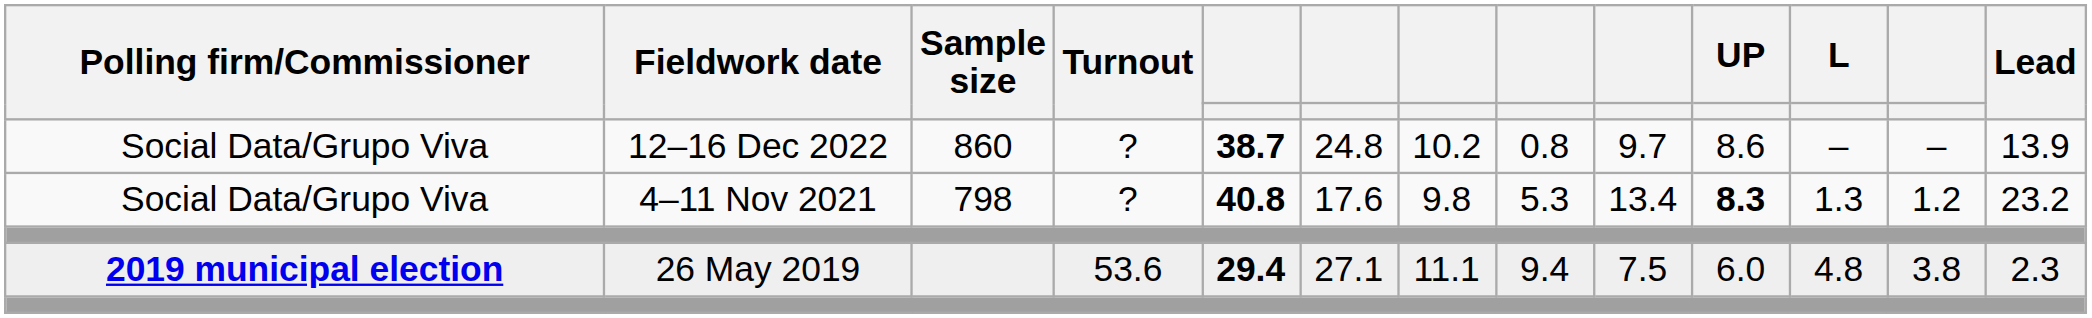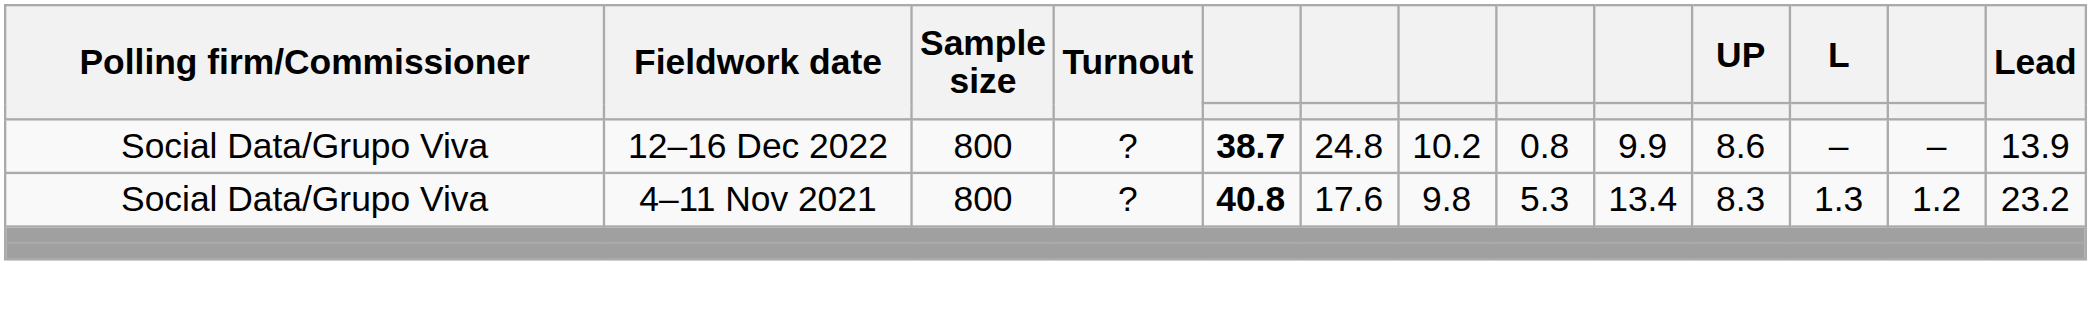 <table class="wikitable collapsible collapsed" style="text-align:center; font-size:95%; line-height:16px;">
 <tr style="height:42px;">
 <th style="width:250px;" rowspan="2">Polling firm/Commissioner</th>
 <th style="width:125px;" rowspan="2">Fieldwork date</th>
 <th style="width:50px;" rowspan="2">Sample size</th>
 <th style="width:45px;" rowspan="2">Turnout</th>
 <th style="width:35px;"></th>
 <th style="width:35px;"></th>
 <th style="width:35px;"></th>
 <th style="width:35px;"></th>
 <th style="width:35px;"></th>
 <th style="width:35px;">UP</th>
 <th style="width:35px;">L</th>
 <th style="width:35px;"></th>
 <th style="width:30px;" rowspan="2">Lead</th>
 </tr>
 <tr>
 <th style="color:inherit;background:"></th>
 <th style="color:inherit;background:"></th>
 <th style="color:inherit;background:"></th>
 <th style="color:inherit;background:"></th>
 <th style="color:inherit;background:"></th>
 <th style="color:inherit;background:"></th>
 <th style="color:inherit;background:"></th>
 <th style="color:inherit;background:"></th>
 </tr>
 <tr>
 <td>Social Data/Grupo Viva</td>
 <td>12–16 Dec 2022</td>
-<td>860</td>
+<td>800</td>
 <td>?</td>
 <td><strong>38.7</strong><br></td>
 <td>24.8<br></td>
 <td>10.2<br></td>
 <td>0.8<br></td>
-<td>9.7<br></td>
+<td>9.9<br></td>
 <td>8.6<br></td>
 <td>–</td>
 <td>–</td>
 <td style="background:">13.9</td>
 </tr>
 <tr>
 <td>Social Data/Grupo Viva</td>
 <td>4–11 Nov 2021</td>
-<td>798</td>
+<td>800</td>
 <td>?</td>
 <td><strong>40.8</strong><br></td>
 <td>17.6<br></td>
 <td>9.8<br></td>
 <td>5.3<br></td>
 <td>13.4<br></td>
-<td><strong>8.3<br></strong></td>
+<td>8.3<br></td>
 <td>1.3<br></td>
 <td>1.2<br></td>
 <td style="background:">23.2</td>
 </tr>
 <tr>
 <td colspan="13" style="background:#A0A0A0"></td>
 </tr>
-<tr style="background:#EFEFEF;">
-<td><strong><a href='#'>2019 municipal election</a></strong></td>
-<td>26 May 2019</td>
-<td></td>
-<td>53.6</td>
-<td><strong>29.4</strong><br></td>
-<td>27.1<br></td>
-<td>11.1<br></td>
-<td>9.4<br></td>
-<td>7.5<br></td>
-<td>6.0<br></td>
-<td>4.8<br></td>
-<td>3.8<br></td>
-<td style="background:">2.3</td>
-</tr>
 <tr>
 <td colspan="13" style="background:#A0A0A0"></td>
 </tr>
 </table>
